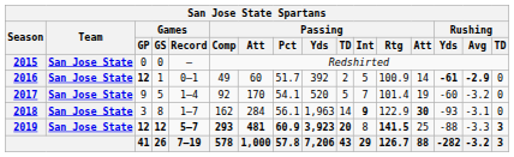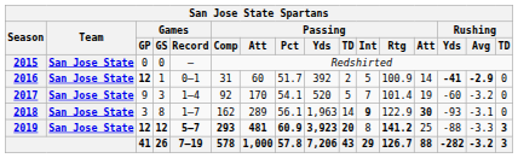 <table class="wikitable" style="text-align:center;">
 <tr>
 <th colspan="16">San Jose State Spartans</th>
 </tr>
 <tr>
 <th rowspan="2">Season</th>
 <th rowspan="2">Team</th>
 <th colspan="3">Games</th>
 <th colspan="8">Passing</th>
 <th colspan="5">Rushing</th>
 </tr>
 <tr>
 <th>GP</th>
 <th>GS</th>
 <th>Record</th>
 <th>Comp</th>
 <th>Att</th>
 <th>Pct</th>
 <th>Yds</th>
 <th>TD</th>
 <th>Int</th>
 <th>Rtg</th>
 <th>Att</th>
 <th>Yds</th>
 <th>Avg</th>
 <th>TD</th>
 </tr>
 <tr>
 <th><a href='#'>2015</a></th>
 <th><a href='#'>San Jose State</a></th>
 <td>0</td>
 <td>0</td>
 <td>—</td>
 <td colspan="11"><em>Redshirted </em></td>
 </tr>
 <tr>
 <th><a href='#'>2016</a></th>
 <th><a href='#'>San Jose State</a></th>
 <td><strong>12</strong></td>
 <td>1</td>
 <td>0–1</td>
-<td>49</td>
+<td>31</td>
 <td>60</td>
 <td>51.7</td>
 <td>392</td>
 <td>2</td>
 <td>5</td>
 <td>100.9</td>
 <td>14</td>
-<td><strong>-61</strong></td>
+<td><strong>-41</strong></td>
 <td><strong>-2.9</strong></td>
 <td>0</td>
 </tr>
 <tr>
 <th><a href='#'>2017</a></th>
 <th><a href='#'>San Jose State</a></th>
 <td>9</td>
-<td>5</td>
+<td>3</td>
 <td>1–4</td>
 <td>92</td>
 <td>170</td>
 <td>54.1</td>
 <td>520</td>
 <td>5</td>
 <td>7</td>
 <td>101.4</td>
 <td>19</td>
 <td>-60</td>
 <td>-3.2</td>
 <td>0</td>
 </tr>
 <tr>
 <th><a href='#'>2018</a></th>
 <th><a href='#'>San Jose State</a></th>
 <td>3</td>
 <td>8</td>
 <td>1–7</td>
 <td>162</td>
-<td>284</td>
+<td>289</td>
 <td>56.1</td>
 <td>1,963</td>
 <td>14</td>
 <td><strong>9</strong></td>
 <td>122.9</td>
 <td><strong>30</strong></td>
 <td>-93</td>
 <td>-3.1</td>
 <td>0</td>
 </tr>
 <tr>
 <th><a href='#'>2019</a></th>
 <th><a href='#'>San Jose State</a></th>
 <td><strong>12</strong></td>
 <td><strong>12</strong></td>
 <td><strong>5–7</strong></td>
 <td><strong>293</strong></td>
 <td><strong>481</strong></td>
 <td><strong>60.9</strong></td>
 <td><strong>3,923</strong></td>
 <td><strong>20</strong></td>
 <td>8</td>
-<td><strong>141.5</strong></td>
+<td><strong>141.2</strong></td>
 <td>25</td>
 <td>-88</td>
 <td>-3.3</td>
 <td><strong>3</strong></td>
 </tr>
 <tr>
 <th colspan="2"></th>
 <th>41</th>
 <th>26</th>
 <th>7–19</th>
 <th>578</th>
 <th>1,000</th>
 <th>57.8</th>
 <th>7,206</th>
 <th>43</th>
 <th>29</th>
 <th>126.7</th>
 <th>88</th>
 <th>-282</th>
 <th>-3.2</th>
 <th>3</th>
 </tr>
 </table>
